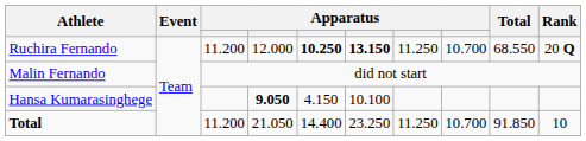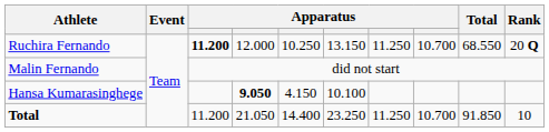 <table class=wikitable style=font-size:90%;text-align:center>
 <tr>
 <th rowspan=2>Athlete</th>
 <th rowspan=2>Event</th>
 <th colspan=6>Apparatus</th>
 <th rowspan=2>Total</th>
 <th rowspan=2>Rank</th>
 </tr>
 <tr style=font-size:95%>
 <th></th>
 <th></th>
 <th></th>
 <th></th>
 <th></th>
 <th></th>
 </tr>
 <tr>
 <td align=left><a href='#'>Ruchira Fernando</a></td>
 <td align=left rowspan=4><a href='#'>Team</a></td>
-<td>11.200</td>
+<td><strong>11.200</strong></td>
 <td>12.000</td>
-<td><strong>10.250</strong></td>
-<td><strong>13.150</strong></td>
+<td>10.250</td>
+<td>13.150</td>
 <td>11.250</td>
 <td>10.700</td>
 <td>68.550</td>
 <td>20 <strong>Q</strong></td>
 </tr>
 <tr>
 <td align=left><a href='#'>Malin Fernando</a></td>
 <td colspan=8>did not start</td>
 </tr>
 <tr>
 <td align=left><a href='#'>Hansa Kumarasinghege</a></td>
 <td></td>
 <td><strong>9.050</strong></td>
 <td>4.150</td>
 <td>10.100</td>
 <td></td>
 <td></td>
 <td></td>
 <td></td>
 </tr>
 <tr>
 <td align=left><strong>Total</strong></td>
 <td>11.200</td>
 <td>21.050</td>
 <td>14.400</td>
 <td>23.250</td>
 <td>11.250</td>
 <td>10.700</td>
 <td>91.850</td>
 <td>10</td>
 </tr>
 </table>
